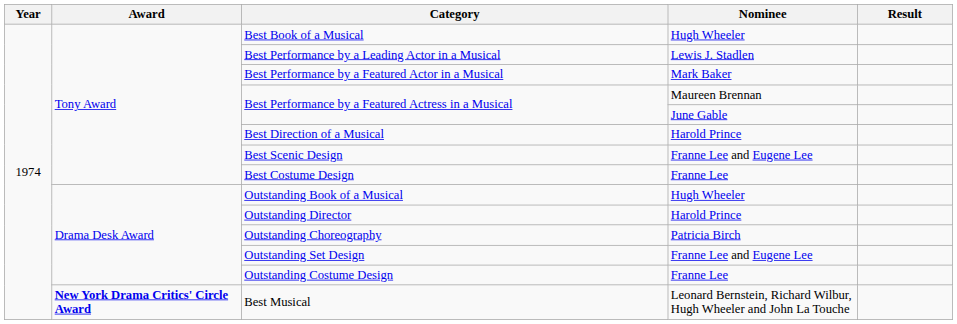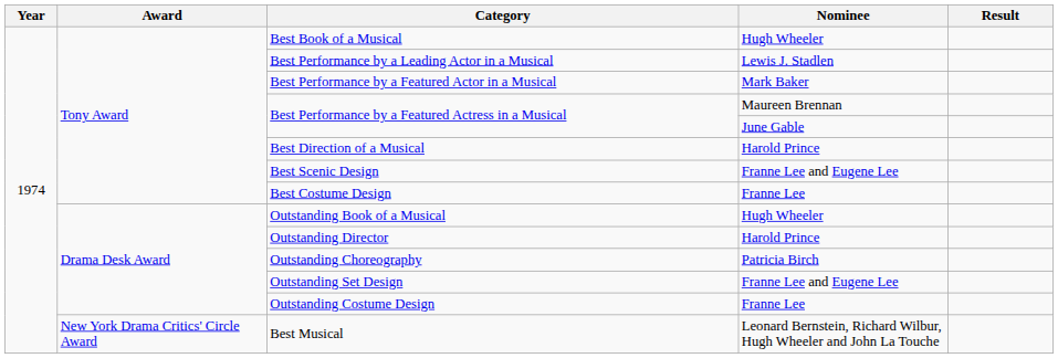 <table class="wikitable" style="width:95%;">
 <tr>
 <th style="width:5%;">Year</th>
 <th style="width:20%;">Award</th>
 <th style="width:45%;">Category</th>
 <th style="width:20%;">Nominee</th>
 <th style="width:10%;">Result</th>
 </tr>
 <tr>
 <td rowspan="14" style="text-align:center;">1974</td>
 <td rowspan="8"><a href='#'>Tony Award</a></td>
 <td><a href='#'>Best Book of a Musical</a></td>
 <td><a href='#'>Hugh Wheeler</a></td>
 <td></td>
 </tr>
 <tr>
 <td><a href='#'>Best Performance by a Leading Actor in a Musical</a></td>
 <td><a href='#'>Lewis J. Stadlen</a></td>
 <td></td>
 </tr>
 <tr>
 <td><a href='#'>Best Performance by a Featured Actor in a Musical</a></td>
 <td><a href='#'>Mark Baker</a></td>
 <td></td>
 </tr>
 <tr>
 <td rowspan="2"><a href='#'>Best Performance by a Featured Actress in a Musical</a></td>
 <td>Maureen Brennan</td>
 <td></td>
 </tr>
 <tr>
 <td><a href='#'>June Gable</a></td>
 <td></td>
 </tr>
 <tr>
 <td><a href='#'>Best Direction of a Musical</a></td>
 <td><a href='#'>Harold Prince</a></td>
 <td></td>
 </tr>
 <tr>
 <td><a href='#'>Best Scenic Design</a></td>
 <td><a href='#'>Franne Lee</a> and <a href='#'>Eugene Lee</a></td>
 <td></td>
 </tr>
 <tr>
 <td><a href='#'>Best Costume Design</a></td>
 <td><a href='#'>Franne Lee</a></td>
 <td></td>
 </tr>
 <tr>
 <td rowspan="5"><a href='#'>Drama Desk Award</a></td>
 <td><a href='#'>Outstanding Book of a Musical</a></td>
 <td><a href='#'>Hugh Wheeler</a></td>
 <td></td>
 </tr>
 <tr>
 <td><a href='#'>Outstanding Director</a></td>
 <td><a href='#'>Harold Prince</a></td>
 <td></td>
 </tr>
 <tr>
 <td><a href='#'>Outstanding Choreography</a></td>
 <td><a href='#'>Patricia Birch</a></td>
 <td></td>
 </tr>
 <tr>
 <td><a href='#'>Outstanding Set Design</a></td>
 <td><a href='#'>Franne Lee</a> and <a href='#'>Eugene Lee</a></td>
 <td></td>
 </tr>
 <tr>
 <td><a href='#'>Outstanding Costume Design</a></td>
 <td><a href='#'>Franne Lee</a></td>
 <td></td>
 </tr>
 <tr>
-<td><strong><a href='#'>New York Drama Critics' Circle Award</a></strong></td>
+<td><a href='#'>New York Drama Critics' Circle Award</a></td>
 <td>Best Musical</td>
 <td>Leonard Bernstein, Richard Wilbur, Hugh Wheeler and John La Touche</td>
 <td></td>
 </tr>
 </table>
